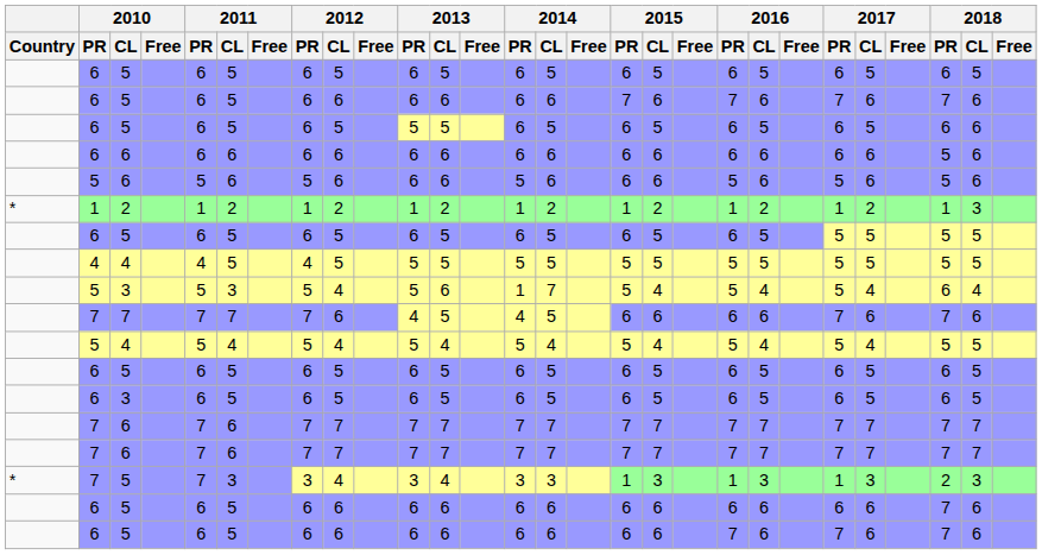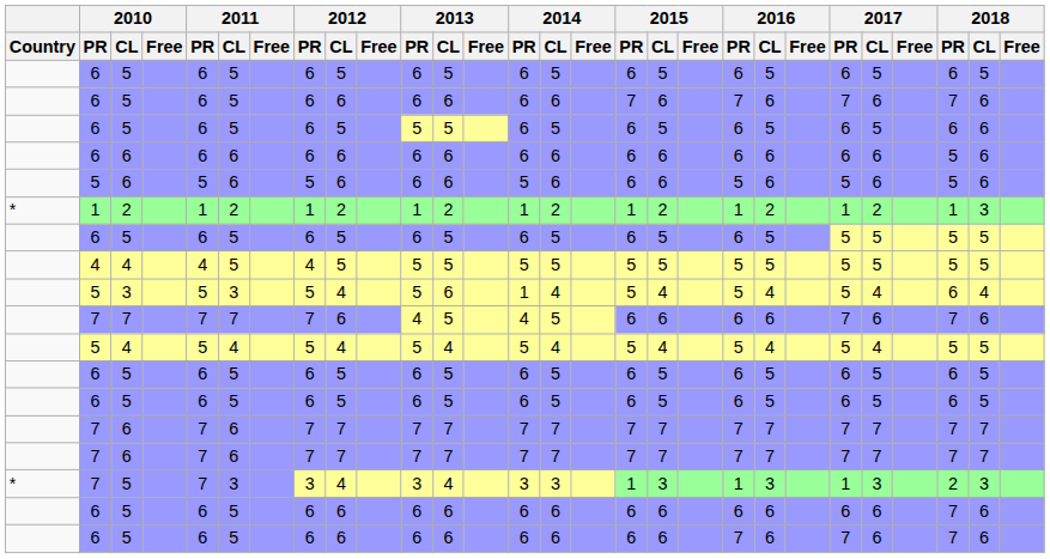 <table class="wikitable sortable" width=100% style="border-collapse:collapse;">
 <tr style="background:#eee; font-weight:bold; text-align:center;">
 <th> </th>
 <th colspan=3>2010</th>
 <th colspan=3>2011</th>
 <th colspan=3>2012</th>
 <th colspan=3>2013</th>
 <th colspan=3>2014</th>
 <th colspan=3>2015</th>
 <th colspan=3>2016</th>
 <th colspan=3>2017</th>
 <th colspan=3>2018</th>
 </tr>
 <tr style="background:#eee; font-weight:bold; text-align:center;">
 <th style="width:3em; text-align:left;">Country</th>
 <th style="width:3em;">PR</th>
 <th style="width:3em;">CL</th>
 <th style="width:3em;">Free</th>
 <th style="width:3em;">PR</th>
 <th style="width:3em;">CL</th>
 <th style="width:3em;">Free</th>
 <th style="width:3em;">PR</th>
 <th style="width:3em;">CL</th>
 <th style="width:3em;">Free</th>
 <th style="width:3em;">PR</th>
 <th style="width:3em;">CL</th>
 <th style="width:3em;">Free</th>
 <th style="width:3em;">PR</th>
 <th style="width:3em;">CL</th>
 <th style="width:3em;">Free</th>
 <th style="width:3em;">PR</th>
 <th style="width:3em;">CL</th>
 <th style="width:3em;">Free</th>
 <th style="width:3em;">PR</th>
 <th style="width:3em;">CL</th>
 <th style="width:3em;">Free</th>
 <th style="width:3em;">PR</th>
 <th style="width:3em;">CL</th>
 <th style="width:3em;">Free</th>
 <th style="width:3em;">PR</th>
 <th style="width:3em;">CL</th>
 <th style="width:3em;">Free</th>
 </tr>
 <tr align=center>
 <td align=left></td>
 <td style="background:#99f;">6</td>
 <td style="background:#99f;">5</td>
 <td style="background:#99f;"></td>
 <td style="background:#99f;">6</td>
 <td style="background:#99f;">5</td>
 <td style="background:#99f;"></td>
 <td style="background:#99f;">6</td>
 <td style="background:#99f;">5</td>
 <td style="background:#99f;"></td>
 <td style="background:#99f;">6</td>
 <td style="background:#99f;">5</td>
 <td style="background:#99f;"></td>
 <td style="background:#99f;">6</td>
 <td style="background:#99f;">5</td>
 <td style="background:#99f;"></td>
 <td style="background:#99f;">6</td>
 <td style="background:#99f;">5</td>
 <td style="background:#99f;"></td>
 <td style="background:#99f;">6</td>
 <td style="background:#99f;">5</td>
 <td style="background:#99f;"></td>
 <td style="background:#99f;">6</td>
 <td style="background:#99f;">5</td>
 <td style="background:#99f;"></td>
 <td style="background:#99f;">6</td>
 <td style="background:#99f;">5</td>
 <td style="background:#99f;"></td>
 </tr>
 <tr align=center>
 <td align=left></td>
 <td style="background:#99f;">6</td>
 <td style="background:#99f;">5</td>
 <td style="background:#99f;"></td>
 <td style="background:#99f;">6</td>
 <td style="background:#99f;">5</td>
 <td style="background:#99f;"></td>
 <td style="background:#99f;">6</td>
 <td style="background:#99f;">6</td>
 <td style="background:#99f;"></td>
 <td style="background:#99f;">6</td>
 <td style="background:#99f;">6</td>
 <td style="background:#99f;"></td>
 <td style="background:#99f;">6</td>
 <td style="background:#99f;">6</td>
 <td style="background:#99f;"></td>
 <td style="background:#99f;">7</td>
 <td style="background:#99f;">6</td>
 <td style="background:#99f;"></td>
 <td style="background:#99f;">7</td>
 <td style="background:#99f;">6</td>
 <td style="background:#99f;"></td>
 <td style="background:#99f;">7</td>
 <td style="background:#99f;">6</td>
 <td style="background:#99f;"></td>
 <td style="background:#99f;">7</td>
 <td style="background:#99f;">6</td>
 <td style="background:#99f;"></td>
 </tr>
 <tr align=center>
 <td align=left></td>
 <td style="background:#99f;">6</td>
 <td style="background:#99f;">5</td>
 <td style="background:#99f;"></td>
 <td style="background:#99f;">6</td>
 <td style="background:#99f;">5</td>
 <td style="background:#99f;"></td>
 <td style="background:#99f;">6</td>
 <td style="background:#99f;">5</td>
 <td style="background:#99f;"></td>
 <td style="background:#ff9;">5</td>
 <td style="background:#ff9;">5</td>
 <td style="background:#ff9;"></td>
 <td style="background:#99f;">6</td>
 <td style="background:#99f;">5</td>
 <td style="background:#99f;"></td>
 <td style="background:#99f;">6</td>
 <td style="background:#99f;">5</td>
 <td style="background:#99f;"></td>
 <td style="background:#99f;">6</td>
 <td style="background:#99f;">5</td>
 <td style="background:#99f;"></td>
 <td style="background:#99f;">6</td>
 <td style="background:#99f;">5</td>
 <td style="background:#99f;"></td>
 <td style="background:#99f;">6</td>
 <td style="background:#99f;">6</td>
 <td style="background:#99f;"></td>
 </tr>
 <tr align=center>
 <td align=left></td>
 <td style="background:#99f;">6</td>
 <td style="background:#99f;">6</td>
 <td style="background:#99f;"></td>
 <td style="background:#99f;">6</td>
 <td style="background:#99f;">6</td>
 <td style="background:#99f;"></td>
 <td style="background:#99f;">6</td>
 <td style="background:#99f;">6</td>
 <td style="background:#99f;"></td>
 <td style="background:#99f;">6</td>
 <td style="background:#99f;">6</td>
 <td style="background:#99f;"></td>
 <td style="background:#99f;">6</td>
 <td style="background:#99f;">6</td>
 <td style="background:#99f;"></td>
 <td style="background:#99f;">6</td>
 <td style="background:#99f;">6</td>
 <td style="background:#99f;"></td>
 <td style="background:#99f;">6</td>
 <td style="background:#99f;">6</td>
 <td style="background:#99f;"></td>
 <td style="background:#99f;">6</td>
 <td style="background:#99f;">6</td>
 <td style="background:#99f;"></td>
 <td style="background:#99f;">5</td>
 <td style="background:#99f;">6</td>
 <td style="background:#99f;"></td>
 </tr>
 <tr align=center>
 <td align=left></td>
 <td style="background:#99f;">5</td>
 <td style="background:#99f;">6</td>
 <td style="background:#99f;"></td>
 <td style="background:#99f;">5</td>
 <td style="background:#99f;">6</td>
 <td style="background:#99f;"></td>
 <td style="background:#99f;">5</td>
 <td style="background:#99f;">6</td>
 <td style="background:#99f;"></td>
 <td style="background:#99f;">6</td>
 <td style="background:#99f;">6</td>
 <td style="background:#99f;"></td>
 <td style="background:#99f;">5</td>
 <td style="background:#99f;">6</td>
 <td style="background:#99f;"></td>
 <td style="background:#99f;">6</td>
 <td style="background:#99f;">6</td>
 <td style="background:#99f;"></td>
 <td style="background:#99f;">5</td>
 <td style="background:#99f;">6</td>
 <td style="background:#99f;"></td>
 <td style="background:#99f;">5</td>
 <td style="background:#99f;">6</td>
 <td style="background:#99f;"></td>
 <td style="background:#99f;">5</td>
 <td style="background:#99f;">6</td>
 <td style="background:#99f;"></td>
 </tr>
 <tr align=center>
 <td align=left>*</td>
 <td style="background:#9f9;">1</td>
 <td style="background:#9f9;">2</td>
 <td style="background:#9f9;"></td>
 <td style="background:#9f9;">1</td>
 <td style="background:#9f9;">2</td>
 <td style="background:#9f9;"></td>
 <td style="background:#9f9;">1</td>
 <td style="background:#9f9;">2</td>
 <td style="background:#9f9;"></td>
 <td style="background:#9f9;">1</td>
 <td style="background:#9f9;">2</td>
 <td style="background:#9f9;"></td>
 <td style="background:#9f9;">1</td>
 <td style="background:#9f9;">2</td>
 <td style="background:#9f9;"></td>
 <td style="background:#9f9;">1</td>
 <td style="background:#9f9;">2</td>
 <td style="background:#9f9;"></td>
 <td style="background:#9f9;">1</td>
 <td style="background:#9f9;">2</td>
 <td style="background:#9f9;"></td>
 <td style="background:#9f9;">1</td>
 <td style="background:#9f9;">2</td>
 <td style="background:#9f9;"></td>
 <td style="background:#9f9;">1</td>
 <td style="background:#9f9;">3</td>
 <td style="background:#9f9;"></td>
 </tr>
 <tr align=center>
 <td align=left></td>
 <td style="background:#99f;">6</td>
 <td style="background:#99f;">5</td>
 <td style="background:#99f;"></td>
 <td style="background:#99f;">6</td>
 <td style="background:#99f;">5</td>
 <td style="background:#99f;"></td>
 <td style="background:#99f;">6</td>
 <td style="background:#99f;">5</td>
 <td style="background:#99f;"></td>
 <td style="background:#99f;">6</td>
 <td style="background:#99f;">5</td>
 <td style="background:#99f;"></td>
 <td style="background:#99f;">6</td>
 <td style="background:#99f;">5</td>
 <td style="background:#99f;"></td>
 <td style="background:#99f;">6</td>
 <td style="background:#99f;">5</td>
 <td style="background:#99f;"></td>
 <td style="background:#99f;">6</td>
 <td style="background:#99f;">5</td>
 <td style="background:#99f;"></td>
 <td style="background:#ff9;">5</td>
 <td style="background:#ff9;">5</td>
 <td style="background:#ff9;"></td>
 <td style="background:#ff9;">5</td>
 <td style="background:#ff9;">5</td>
 <td style="background:#ff9;"></td>
 </tr>
 <tr align=center>
 <td align=left></td>
 <td style="background:#ff9;">4</td>
 <td style="background:#ff9;">4</td>
 <td style="background:#ff9;"></td>
 <td style="background:#ff9;">4</td>
 <td style="background:#ff9;">5</td>
 <td style="background:#ff9;"></td>
 <td style="background:#ff9;">4</td>
 <td style="background:#ff9;">5</td>
 <td style="background:#ff9;"></td>
 <td style="background:#ff9;">5</td>
 <td style="background:#ff9;">5</td>
 <td style="background:#ff9;"></td>
 <td style="background:#ff9;">5</td>
 <td style="background:#ff9;">5</td>
 <td style="background:#ff9;"></td>
 <td style="background:#ff9;">5</td>
 <td style="background:#ff9;">5</td>
 <td style="background:#ff9;"></td>
 <td style="background:#ff9;">5</td>
 <td style="background:#ff9;">5</td>
 <td style="background:#ff9;"></td>
 <td style="background:#ff9;">5</td>
 <td style="background:#ff9;">5</td>
 <td style="background:#ff9;"></td>
 <td style="background:#ff9;">5</td>
 <td style="background:#ff9;">5</td>
 <td style="background:#ff9;"></td>
 </tr>
 <tr align=center>
 <td align=left></td>
 <td style="background:#ff9;">5</td>
 <td style="background:#ff9;">3</td>
 <td style="background:#ff9;"></td>
 <td style="background:#ff9;">5</td>
 <td style="background:#ff9;">3</td>
 <td style="background:#ff9;"></td>
 <td style="background:#ff9;">5</td>
 <td style="background:#ff9;">4</td>
 <td style="background:#ff9;"></td>
 <td style="background:#ff9;">5</td>
 <td style="background:#ff9;">6</td>
 <td style="background:#ff9;"></td>
 <td style="background:#ff9;">1</td>
-<td style="background:#ff9;">7</td>
+<td style="background:#ff9;">4</td>
 <td style="background:#ff9;"></td>
 <td style="background:#ff9;">5</td>
 <td style="background:#ff9;">4</td>
 <td style="background:#ff9;"></td>
 <td style="background:#ff9;">5</td>
 <td style="background:#ff9;">4</td>
 <td style="background:#ff9;"></td>
 <td style="background:#ff9;">5</td>
 <td style="background:#ff9;">4</td>
 <td style="background:#ff9;"></td>
 <td style="background:#ff9;">6</td>
 <td style="background:#ff9;">4</td>
 <td style="background:#ff9;"></td>
 </tr>
 <tr align=center>
 <td align=left></td>
 <td style="background:#99f;">7</td>
 <td style="background:#99f;">7</td>
 <td style="background:#99f;"></td>
 <td style="background:#99f;">7</td>
 <td style="background:#99f;">7</td>
 <td style="background:#99f;"></td>
 <td style="background:#99f;">7</td>
 <td style="background:#99f;">6</td>
 <td style="background:#99f;"></td>
 <td style="background:#ff9;">4</td>
 <td style="background:#ff9;">5</td>
 <td style="background:#ff9;"></td>
 <td style="background:#ff9;">4</td>
 <td style="background:#ff9;">5</td>
 <td style="background:#ff9;"></td>
 <td style="background:#99f;">6</td>
 <td style="background:#99f;">6</td>
 <td style="background:#99f;"></td>
 <td style="background:#99f;">6</td>
 <td style="background:#99f;">6</td>
 <td style="background:#99f;"></td>
 <td style="background:#99f;">7</td>
 <td style="background:#99f;">6</td>
 <td style="background:#99f;"></td>
 <td style="background:#99f;">7</td>
 <td style="background:#99f;">6</td>
 <td style="background:#99f;"></td>
 </tr>
 <tr align=center>
 <td align=left></td>
 <td style="background:#ff9;">5</td>
 <td style="background:#ff9;">4</td>
 <td style="background:#ff9;"></td>
 <td style="background:#ff9;">5</td>
 <td style="background:#ff9;">4</td>
 <td style="background:#ff9;"></td>
 <td style="background:#ff9;">5</td>
 <td style="background:#ff9;">4</td>
 <td style="background:#ff9;"></td>
 <td style="background:#ff9;">5</td>
 <td style="background:#ff9;">4</td>
 <td style="background:#ff9;"></td>
 <td style="background:#ff9;">5</td>
 <td style="background:#ff9;">4</td>
 <td style="background:#ff9;"></td>
 <td style="background:#ff9;">5</td>
 <td style="background:#ff9;">4</td>
 <td style="background:#ff9;"></td>
 <td style="background:#ff9;">5</td>
 <td style="background:#ff9;">4</td>
 <td style="background:#ff9;"></td>
 <td style="background:#ff9;">5</td>
 <td style="background:#ff9;">4</td>
 <td style="background:#ff9;"></td>
 <td style="background:#ff9;">5</td>
 <td style="background:#ff9;">5</td>
 <td style="background:#ff9;"></td>
 </tr>
 <tr align=center>
 <td align=left></td>
 <td style="background:#99f;">6</td>
 <td style="background:#99f;">5</td>
 <td style="background:#99f;"></td>
 <td style="background:#99f;">6</td>
 <td style="background:#99f;">5</td>
 <td style="background:#99f;"></td>
 <td style="background:#99f;">6</td>
 <td style="background:#99f;">5</td>
 <td style="background:#99f;"></td>
 <td style="background:#99f;">6</td>
 <td style="background:#99f;">5</td>
 <td style="background:#99f;"></td>
 <td style="background:#99f;">6</td>
 <td style="background:#99f;">5</td>
 <td style="background:#99f;"></td>
 <td style="background:#99f;">6</td>
 <td style="background:#99f;">5</td>
 <td style="background:#99f;"></td>
 <td style="background:#99f;">6</td>
 <td style="background:#99f;">5</td>
 <td style="background:#99f;"></td>
 <td style="background:#99f;">6</td>
 <td style="background:#99f;">5</td>
 <td style="background:#99f;"></td>
 <td style="background:#99f;">6</td>
 <td style="background:#99f;">5</td>
 <td style="background:#99f;"></td>
 </tr>
 <tr align=center>
 <td align=left></td>
 <td style="background:#99f;">6</td>
-<td style="background:#99f;">3</td>
+<td style="background:#99f;">5</td>
 <td style="background:#99f;"></td>
 <td style="background:#99f;">6</td>
 <td style="background:#99f;">5</td>
 <td style="background:#99f;"></td>
 <td style="background:#99f;">6</td>
 <td style="background:#99f;">5</td>
 <td style="background:#99f;"></td>
 <td style="background:#99f;">6</td>
 <td style="background:#99f;">5</td>
 <td style="background:#99f;"></td>
 <td style="background:#99f;">6</td>
 <td style="background:#99f;">5</td>
 <td style="background:#99f;"></td>
 <td style="background:#99f;">6</td>
 <td style="background:#99f;">5</td>
 <td style="background:#99f;"></td>
 <td style="background:#99f;">6</td>
 <td style="background:#99f;">5</td>
 <td style="background:#99f;"></td>
 <td style="background:#99f;">6</td>
 <td style="background:#99f;">5</td>
 <td style="background:#99f;"></td>
 <td style="background:#99f;">6</td>
 <td style="background:#99f;">5</td>
 <td style="background:#99f;"></td>
 </tr>
 <tr align=center>
 <td align=left></td>
 <td style="background:#99f;">7</td>
 <td style="background:#99f;">6</td>
 <td style="background:#99f;"></td>
 <td style="background:#99f;">7</td>
 <td style="background:#99f;">6</td>
 <td style="background:#99f;"></td>
 <td style="background:#99f;">7</td>
 <td style="background:#99f;">7</td>
 <td style="background:#99f;"></td>
 <td style="background:#99f;">7</td>
 <td style="background:#99f;">7</td>
 <td style="background:#99f;"></td>
 <td style="background:#99f;">7</td>
 <td style="background:#99f;">7</td>
 <td style="background:#99f;"></td>
 <td style="background:#99f;">7</td>
 <td style="background:#99f;">7</td>
 <td style="background:#99f;"></td>
 <td style="background:#99f;">7</td>
 <td style="background:#99f;">7</td>
 <td style="background:#99f;"></td>
 <td style="background:#99f;">7</td>
 <td style="background:#99f;">7</td>
 <td style="background:#99f;"></td>
 <td style="background:#99f;">7</td>
 <td style="background:#99f;">7</td>
 <td style="background:#99f;"></td>
 </tr>
 <tr align=center>
 <td align=left></td>
 <td style="background:#99f;">7</td>
 <td style="background:#99f;">6</td>
 <td style="background:#99f;"></td>
 <td style="background:#99f;">7</td>
 <td style="background:#99f;">6</td>
 <td style="background:#99f;"></td>
 <td style="background:#99f;">7</td>
 <td style="background:#99f;">7</td>
 <td style="background:#99f;"></td>
 <td style="background:#99f;">7</td>
 <td style="background:#99f;">7</td>
 <td style="background:#99f;"></td>
 <td style="background:#99f;">7</td>
 <td style="background:#99f;">7</td>
 <td style="background:#99f;"></td>
 <td style="background:#99f;">7</td>
 <td style="background:#99f;">7</td>
 <td style="background:#99f;"></td>
 <td style="background:#99f;">7</td>
 <td style="background:#99f;">7</td>
 <td style="background:#99f;"></td>
 <td style="background:#99f;">7</td>
 <td style="background:#99f;">7</td>
 <td style="background:#99f;"></td>
 <td style="background:#99f;">7</td>
 <td style="background:#99f;">7</td>
 <td style="background:#99f;"></td>
 </tr>
 <tr align=center>
 <td align=left>*</td>
 <td style="background:#99f;">7</td>
 <td style="background:#99f;">5</td>
 <td style="background:#99f;"></td>
 <td style="background:#99f;">7</td>
 <td style="background:#99f;">3</td>
 <td style="background:#99f;"></td>
 <td style="background:#ff9;">3</td>
 <td style="background:#ff9;">4</td>
 <td style="background:#ff9;"></td>
 <td style="background:#ff9;">3</td>
 <td style="background:#ff9;">4</td>
 <td style="background:#ff9;"></td>
 <td style="background:#ff9;">3</td>
 <td style="background:#ff9;">3</td>
 <td style="background:#ff9;"></td>
 <td style="background:#9f9;">1</td>
 <td style="background:#9f9;">3</td>
 <td style="background:#9f9;"></td>
 <td style="background:#9f9;">1</td>
 <td style="background:#9f9;">3</td>
 <td style="background:#9f9;"></td>
 <td style="background:#9f9;">1</td>
 <td style="background:#9f9;">3</td>
 <td style="background:#9f9;"></td>
 <td style="background:#9f9;">2</td>
 <td style="background:#9f9;">3</td>
 <td style="background:#9f9;"></td>
 </tr>
 <tr align=center>
 <td align=left></td>
 <td style="background:#99f;">6</td>
 <td style="background:#99f;">5</td>
 <td style="background:#99f;"></td>
 <td style="background:#99f;">6</td>
 <td style="background:#99f;">5</td>
 <td style="background:#99f;"></td>
 <td style="background:#99f;">6</td>
 <td style="background:#99f;">6</td>
 <td style="background:#99f;"></td>
 <td style="background:#99f;">6</td>
 <td style="background:#99f;">6</td>
 <td style="background:#99f;"></td>
 <td style="background:#99f;">6</td>
 <td style="background:#99f;">6</td>
 <td style="background:#99f;"></td>
 <td style="background:#99f;">6</td>
 <td style="background:#99f;">6</td>
 <td style="background:#99f;"></td>
 <td style="background:#99f;">6</td>
 <td style="background:#99f;">6</td>
 <td style="background:#99f;"></td>
 <td style="background:#99f;">6</td>
 <td style="background:#99f;">6</td>
 <td style="background:#99f;"></td>
 <td style="background:#99f;">7</td>
 <td style="background:#99f;">6</td>
 <td style="background:#99f;"></td>
 </tr>
 <tr align=center>
 <td align=left></td>
 <td style="background:#99f;">6</td>
 <td style="background:#99f;">5</td>
 <td style="background:#99f;"></td>
 <td style="background:#99f;">6</td>
 <td style="background:#99f;">5</td>
 <td style="background:#99f;"></td>
 <td style="background:#99f;">6</td>
 <td style="background:#99f;">6</td>
 <td style="background:#99f;"></td>
 <td style="background:#99f;">6</td>
 <td style="background:#99f;">6</td>
 <td style="background:#99f;"></td>
 <td style="background:#99f;">6</td>
 <td style="background:#99f;">6</td>
 <td style="background:#99f;"></td>
 <td style="background:#99f;">6</td>
 <td style="background:#99f;">6</td>
 <td style="background:#99f;"></td>
 <td style="background:#99f;">7</td>
 <td style="background:#99f;">6</td>
 <td style="background:#99f;"></td>
 <td style="background:#99f;">7</td>
 <td style="background:#99f;">6</td>
 <td style="background:#99f;"></td>
 <td style="background:#99f;">7</td>
 <td style="background:#99f;">6</td>
 <td style="background:#99f;"></td>
 </tr>
 </table>
